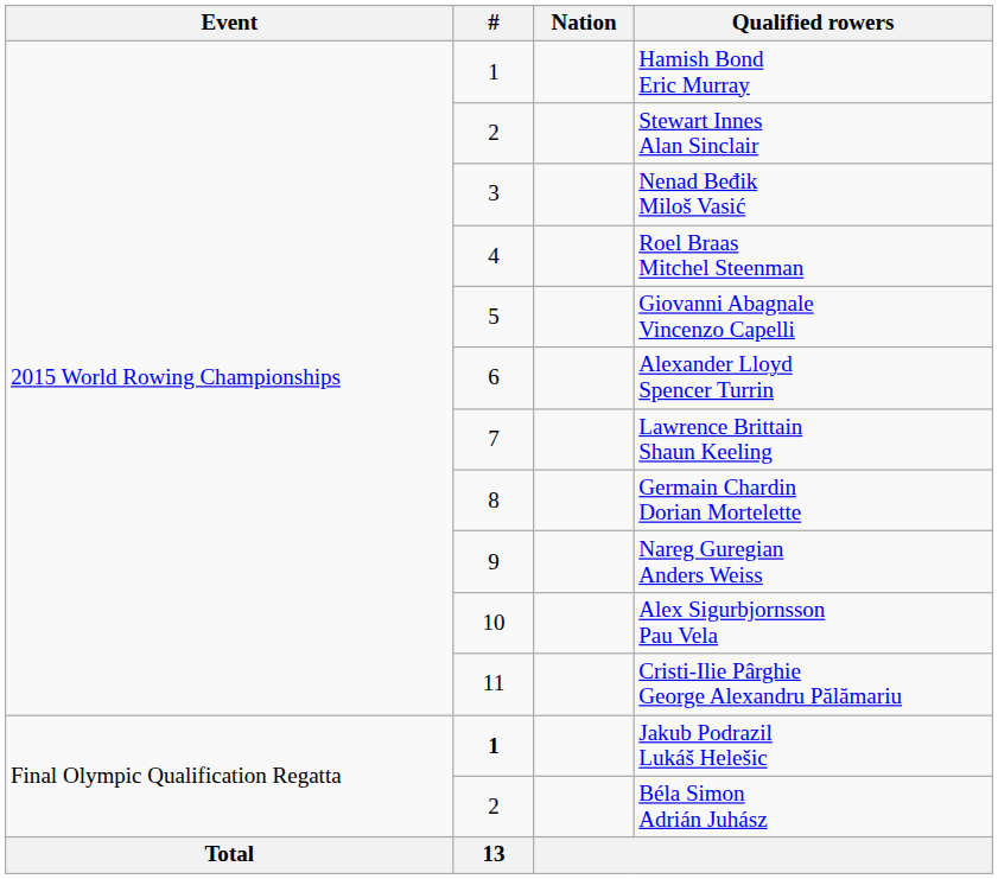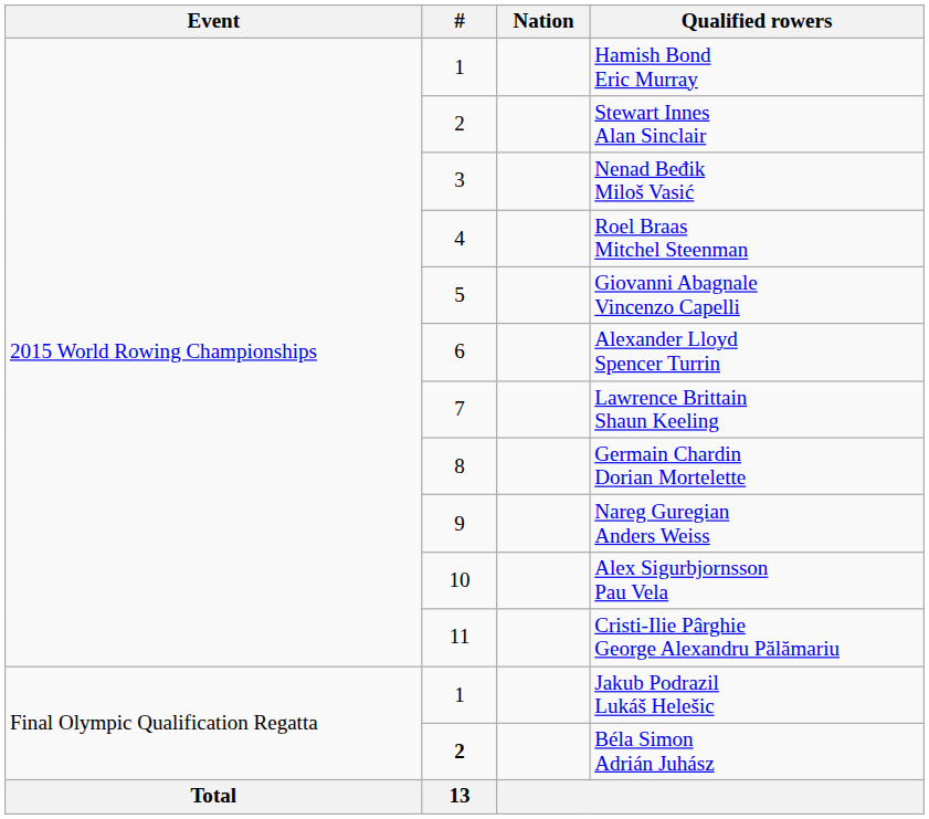 <table class="wikitable"  style="width:700px; text-align:center;">
 <tr>
 <th>Event</th>
 <th width=50>#</th>
 <th>Nation</th>
 <th>Qualified rowers</th>
 </tr>
 <tr>
 <td rowspan=11 align=left><a href='#'>2015 World Rowing Championships</a></td>
 <td>1</td>
 <td align=left></td>
 <td align=left><a href='#'>Hamish Bond</a><br><a href='#'>Eric Murray</a></td>
 </tr>
 <tr>
 <td>2</td>
 <td align=left></td>
 <td align=left><a href='#'>Stewart Innes</a><br><a href='#'>Alan Sinclair</a></td>
 </tr>
 <tr>
 <td>3</td>
 <td align=left></td>
 <td align=left><a href='#'>Nenad Beđik</a><br><a href='#'>Miloš Vasić</a></td>
 </tr>
 <tr>
 <td>4</td>
 <td align=left></td>
 <td align=left><a href='#'>Roel Braas</a><br><a href='#'>Mitchel Steenman</a></td>
 </tr>
 <tr>
 <td>5</td>
 <td align=left></td>
 <td align=left><a href='#'>Giovanni Abagnale</a><br><a href='#'>Vincenzo Capelli</a></td>
 </tr>
 <tr>
 <td>6</td>
 <td align=left></td>
 <td align=left><a href='#'>Alexander Lloyd</a><br><a href='#'>Spencer Turrin</a></td>
 </tr>
 <tr>
 <td>7</td>
 <td align=left></td>
 <td align=left><a href='#'>Lawrence Brittain</a><br><a href='#'>Shaun Keeling</a></td>
 </tr>
 <tr>
 <td>8</td>
 <td align=left></td>
 <td align=left><a href='#'>Germain Chardin</a><br><a href='#'>Dorian Mortelette</a></td>
 </tr>
 <tr>
 <td>9</td>
 <td align=left></td>
 <td align=left><a href='#'>Nareg Guregian</a><br><a href='#'>Anders Weiss</a></td>
 </tr>
 <tr>
 <td>10</td>
 <td align=left></td>
 <td align=left><a href='#'>Alex Sigurbjornsson</a><br><a href='#'>Pau Vela</a></td>
 </tr>
 <tr>
 <td>11</td>
 <td align=left></td>
 <td align=left><a href='#'>Cristi-Ilie Pârghie</a><br><a href='#'>George Alexandru Pălămariu</a></td>
 </tr>
 <tr>
 <td rowspan=2 align=left>Final Olympic Qualification Regatta</td>
-<td><strong>1</strong></td>
+<td>1</td>
 <td align=left></td>
 <td align=left><a href='#'>Jakub Podrazil</a><br><a href='#'>Lukáš Helešic</a></td>
 </tr>
 <tr>
-<td>2</td>
+<td><strong>2</strong></td>
 <td align=left></td>
 <td align=left><a href='#'>Béla Simon</a><br><a href='#'>Adrián Juhász</a></td>
 </tr>
 <tr>
 <th>Total</th>
 <th>13</th>
 <th colspan=2></th>
 </tr>
 </table>
